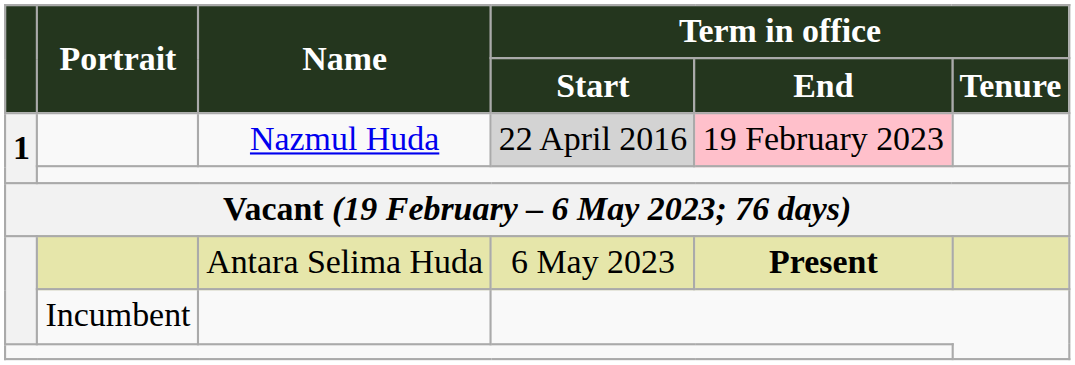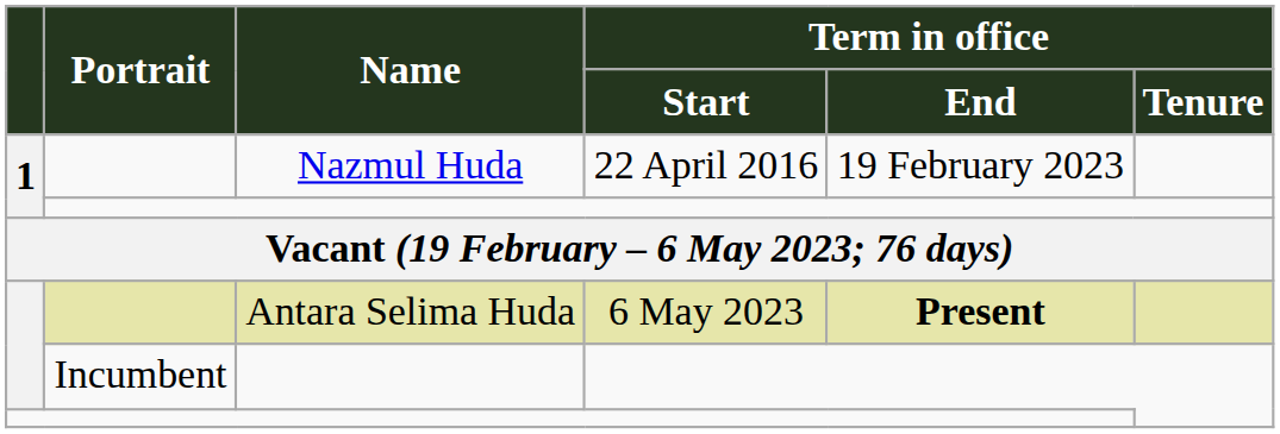 <table class="wikitable" style="text-align:center">
 <tr>
 <th rowspan="2" style="background:#24361E; color:white;"></th>
 <th rowspan="2" style="background:#24361E; color:white;">Portrait</th>
 <th rowspan="2" style="background:#24361E; color:white;">Name<br></th>
 <th colspan="3" style="background:#24361E; color:white;"><strong>Term in office</strong></th>
 </tr>
 <tr>
 <th style="background:#24361E; color:white;"><strong>Start</strong></th>
 <th style="background:#24361E; color:white;"><strong>End</strong></th>
 <th style="background:#24361E; color:white;"><strong>Tenure</strong></th>
 </tr>
 <tr>
 <th rowspan="2">1</th>
 <td></td>
 <td><a href='#'>Nazmul Huda</a><br></td>
-<td style="background: lightgrey;">22 April 2016</td>
-<td style="background: pink;">19 February 2023</td>
+<td>22 April 2016</td>
+<td>19 February 2023</td>
 <td></td>
 </tr>
 <tr>
 <td colspan="5"></td>
 </tr>
 <tr>
 <th colspan="6"><strong>Vacant</strong>  <em>(19 February <strong>– 6 May 2023; 76 days)<strong><em></th>
 </tr>
 <tr>
 <th rowspan="2"></th>
 <td style="background:#e6e6aa;"></td>
 <td style="background:#e6e6aa;">Antara Selima Huda<br></td>
 <td style="background:#e6e6aa;">6 May 2023</td>
 <td style="background:#e6e6aa;"><strong>Present</strong></td>
 <td style="background:#e6e6aa;"></td>
 </tr>
 <tr>
 <td></em>Incumbent<em></td>
 <td></td>
 </tr>
 <tr>
 <td colspan="5"></td>
 </tr>
 </table>
